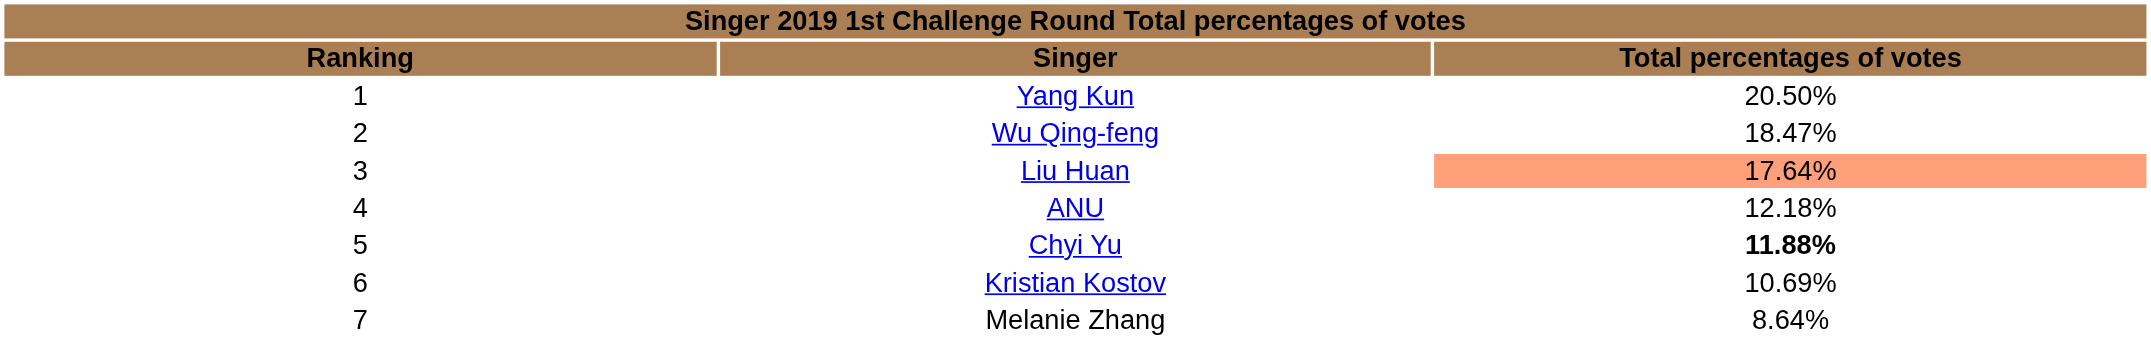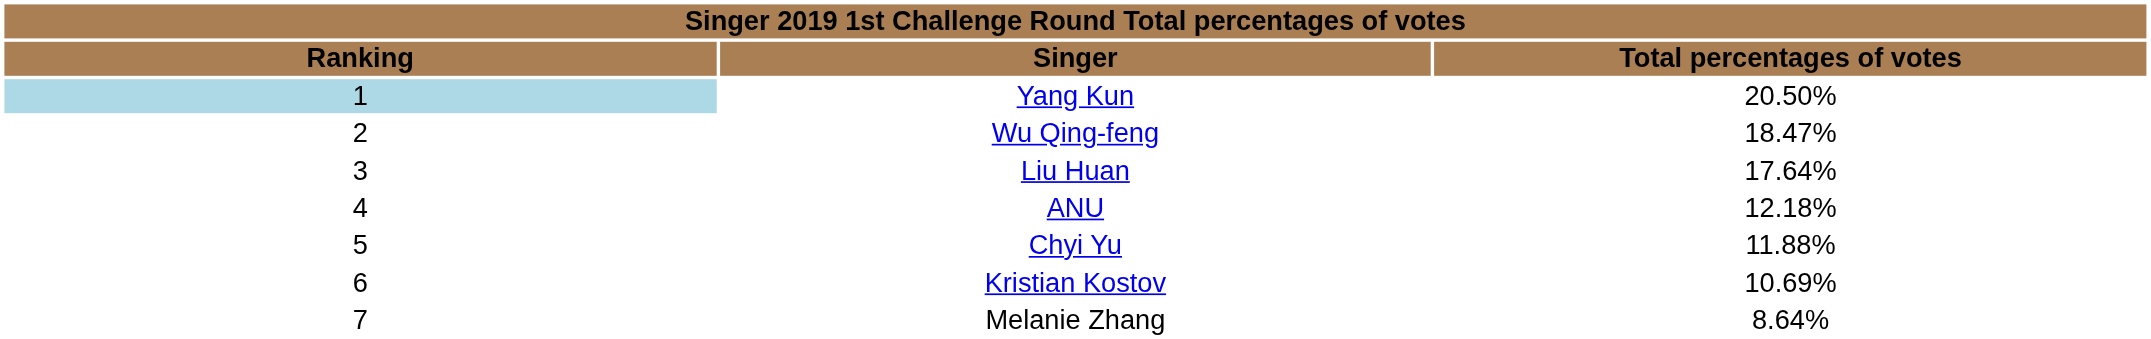 <table width="100%" style="text-align:center">
 <tr style="background:#AA7F54">
 <td colspan="3"><div><strong>Singer 2019 1st Challenge Round Total percentages of votes</strong></div></td>
 </tr>
 <tr style="background:#AA7F54">
 <td style="width:20%"><strong>Ranking</strong></td>
 <td style="width:20%"><strong>Singer</strong></td>
 <td style="width:20%"><strong>Total percentages of votes</strong></td>
 </tr>
 <tr>
-<td>1</td>
+<td style="background: lightblue;">1</td>
 <td><a href='#'>Yang Kun</a></td>
 <td>20.50%</td>
 </tr>
 <tr>
 <td>2</td>
 <td><a href='#'>Wu Qing-feng</a></td>
 <td>18.47%</td>
 </tr>
 <tr>
 <td>3</td>
 <td><a href='#'>Liu Huan</a></td>
-<td style="background: lightsalmon;">17.64%</td>
+<td>17.64%</td>
 </tr>
 <tr>
 <td>4</td>
 <td><a href='#'>ANU</a></td>
 <td>12.18%</td>
 </tr>
 <tr>
 <td>5</td>
 <td><a href='#'>Chyi Yu</a></td>
-<td><strong>11.88%</strong></td>
+<td>11.88%</td>
 </tr>
 <tr>
 <td>6</td>
 <td><a href='#'>Kristian Kostov</a></td>
 <td>10.69%</td>
 </tr>
 <tr>
 <td>7</td>
 <td>Melanie Zhang</td>
 <td>8.64%</td>
 </tr>
 </table>
